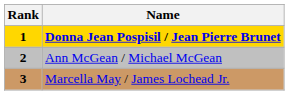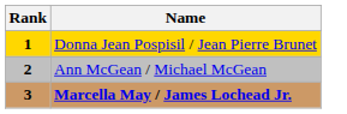 <table class="wikitable">
 <tr>
 <th>Rank</th>
 <th>Name</th>
 </tr>
 <tr bgcolor="gold">
 <td align="center"><strong>1</strong></td>
-<td><strong><a href='#'>Donna Jean Pospisil</a> / <a href='#'>Jean Pierre Brunet</a></strong></td>
+<td><a href='#'>Donna Jean Pospisil</a> / <a href='#'>Jean Pierre Brunet</a></td>
 </tr>
 <tr bgcolor="silver">
 <td align="center"><strong>2</strong></td>
 <td><a href='#'>Ann McGean</a> / <a href='#'>Michael McGean</a></td>
 </tr>
 <tr bgcolor="cc9966">
 <td align="center"><strong>3</strong></td>
-<td><a href='#'>Marcella May</a> / <a href='#'>James Lochead Jr.</a></td>
+<td><strong><a href='#'>Marcella May</a> / <a href='#'>James Lochead Jr.</a></strong></td>
 </tr>
 </table>
